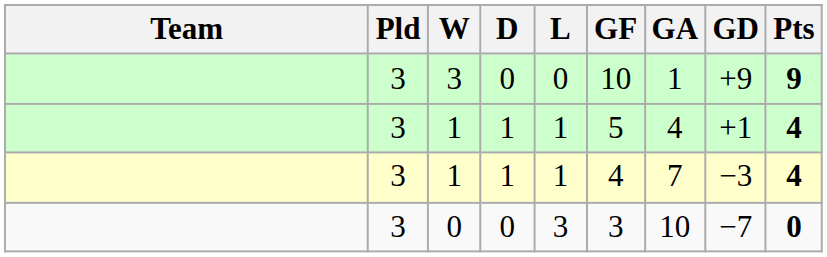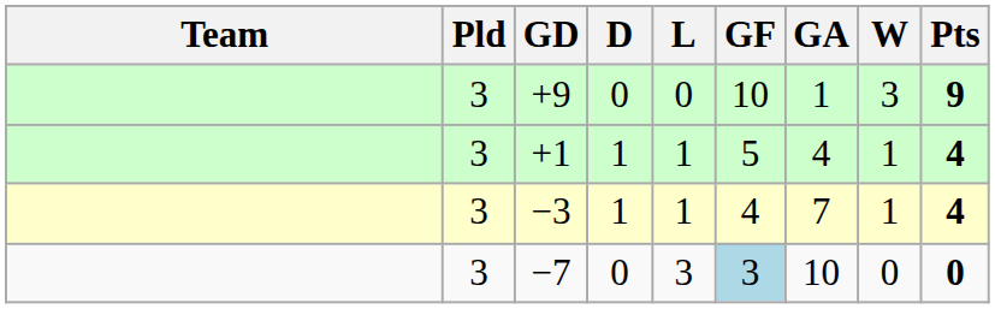 <table class="wikitable" style="text-align:center;">
 <tr>
 <th width=180>Team</th>
 <th width=20>Pld</th>
-<th width=20>W</th>
+<th width=20>GD</th>
 <th width=20>D</th>
 <th width=20>L</th>
 <th width=20>GF</th>
 <th width=20>GA</th>
-<th width=20>GD</th>
+<th width=20>W</th>
 <th width=20>Pts<br></th>
 </tr>
 <tr align=center bgcolor="ccffcc">
 <td style="text-align:left;"></td>
 <td>3</td>
-<td>3</td>
+<td>+9</td>
 <td>0</td>
 <td>0</td>
 <td>10</td>
 <td>1</td>
-<td>+9</td>
+<td>3</td>
 <td><strong>9</strong></td>
 </tr>
 <tr align=center bgcolor="ccffcc">
 <td style="text-align:left;"></td>
 <td>3</td>
-<td>1</td>
+<td>+1</td>
 <td>1</td>
 <td>1</td>
 <td>5</td>
 <td>4</td>
-<td>+1</td>
+<td>1</td>
 <td><strong>4</strong></td>
 </tr>
 <tr align=center style="background:#ffffcc;">
 <td style="text-align:left;"></td>
 <td>3</td>
-<td>1</td>
+<td>−3</td>
 <td>1</td>
 <td>1</td>
 <td>4</td>
 <td>7</td>
-<td>−3</td>
+<td>1</td>
 <td><strong>4</strong></td>
 </tr>
 <tr align=center>
 <td style="text-align:left;"></td>
 <td>3</td>
-<td>0</td>
+<td>−7</td>
 <td>0</td>
 <td>3</td>
-<td>3</td>
+<td style="background: lightblue;">3</td>
 <td>10</td>
-<td>−7</td>
+<td>0</td>
 <td><strong>0</strong></td>
 </tr>
 </table>
